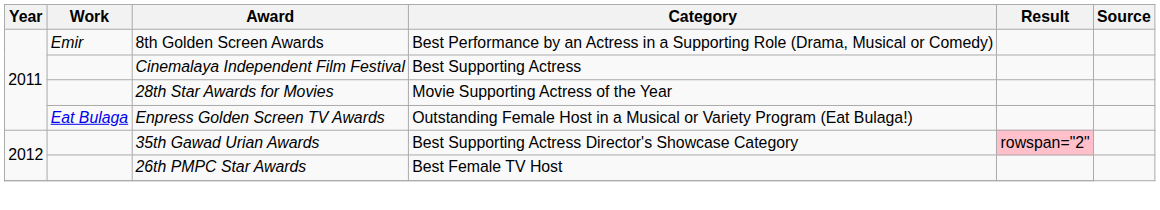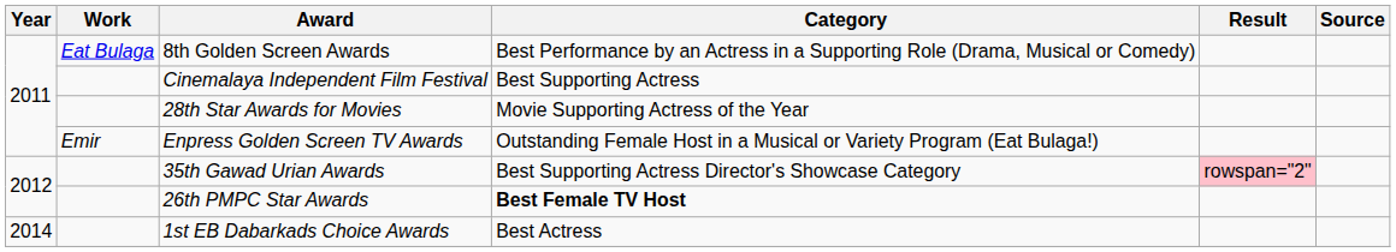 <table class="wikitable">
 <tr>
 <th>Year</th>
 <th>Work</th>
 <th>Award</th>
 <th>Category</th>
 <th>Result</th>
 <th>Source </th>
 </tr>
 <tr>
 <td rowspan="4">2011</td>
-<td><em>Emir</em></td>
+<td><em><a href='#'>Eat Bulaga</a></em></td>
 <td>8th Golden Screen Awards</td>
 <td>Best Performance by an Actress in a Supporting Role (Drama, Musical or Comedy)</td>
 <td></td>
 <td></td>
 </tr>
 <tr>
 <td></td>
 <td><em>Cinemalaya Independent Film Festival</em></td>
 <td>Best Supporting Actress</td>
 <td></td>
 <td></td>
 </tr>
 <tr>
 <td></td>
 <td><em>28th Star Awards for Movies</em></td>
 <td>Movie Supporting Actress of the Year</td>
 <td></td>
 <td></td>
 </tr>
 <tr>
-<td><em><a href='#'>Eat Bulaga</a></em></td>
+<td><em>Emir</em></td>
 <td><em>Enpress Golden Screen TV Awards</em></td>
 <td>Outstanding Female Host in a Musical or Variety Program (Eat Bulaga!)</td>
 <td></td>
 <td></td>
 </tr>
 <tr>
 <td rowspan="2">2012</td>
 <td></td>
 <td><em>35th Gawad Urian Awards</em></td>
 <td>Best Supporting Actress Director's Showcase Category</td>
 <td style="background: pink;">rowspan="2" </td>
 <td></td>
 </tr>
 <tr>
 <td></td>
 <td><em>26th PMPC Star Awards</em></td>
-<td>Best Female TV Host</td>
+<td><strong>Best Female TV Host</strong></td>
+<td></td>
+</tr>
+<tr>
+<td>2014</td>
+<td></td>
+<td><em>1st EB Dabarkads Choice Awards</em></td>
+<td>Best Actress</td>
+<td></td>
 <td></td>
 </tr>
 <tr>
 </tr>
 </table>
